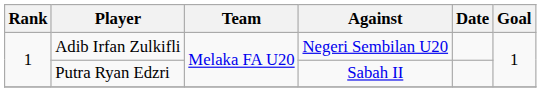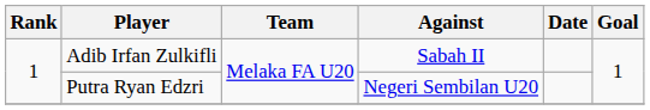 <table class="wikitable" style="text-align:center; font-size:90%">
 <tr>
 <th>Rank</th>
 <th>Player</th>
 <th>Team</th>
 <th>Against</th>
 <th>Date</th>
 <th>Goal</th>
 </tr>
 <tr>
 <td tyle="text-align:left" rowspan=2>1</td>
 <td align="left">Adib Irfan Zulkifli</td>
 <td rowspan=2><a href='#'>Melaka FA U20</a></td>
-<td><a href='#'>Negeri Sembilan U20</a></td>
+<td><a href='#'>Sabah II</a></td>
 <td></td>
 <td tyle="text-align:left" rowspan=2>1</td>
 </tr>
 <tr>
 <td align="left">Putra Ryan Edzri</td>
-<td><a href='#'>Sabah II</a></td>
+<td><a href='#'>Negeri Sembilan U20</a></td>
 <td></td>
 </tr>
 <tr>
 </tr>
 </table>
